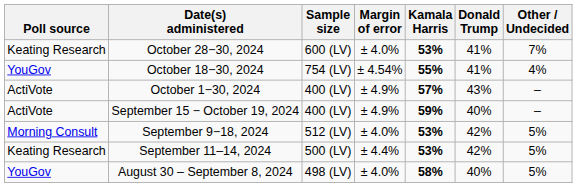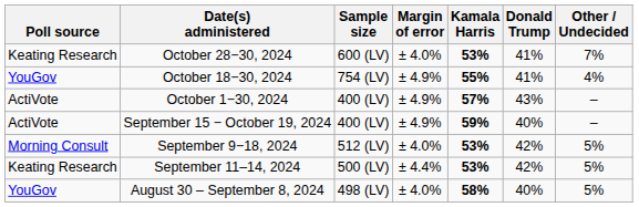 <table class="wikitable sortable mw-datatable" style="font-size:90%;text-align:center;line-height:17px">
 <tr valign=bottom>
 <th>Poll source</th>
 <th>Date(s)<br>administered</th>
 <th>Sample<br>size</th>
 <th>Margin<br>of error</th>
 <th class="unsortable">Kamala<br>Harris<br></th>
 <th class="unsortable">Donald<br>Trump<br></th>
 <th class="unsortable">Other /<br>Undecided</th>
 </tr>
 <tr>
 <td style="text-align:left;">Keating Research</td>
 <td data-sort-value="2024-09-18">October 28−30, 2024</td>
 <td>600 (LV)</td>
 <td>± 4.0%</td>
 <td style="color:black;background-color:"><strong>53%</strong></td>
 <td>41%</td>
 <td>7%</td>
 </tr>
 <tr>
 <td style="text-align:left;"><a href='#'>YouGov</a></td>
 <td data-sort-value="2024-09-18">October 18−30, 2024</td>
 <td>754 (LV)</td>
-<td>± 4.54%</td>
+<td>± 4.9%</td>
 <td style="color:black;background-color:"><strong>55%</strong></td>
 <td>41%</td>
 <td>4%</td>
 </tr>
 <tr>
 <td style="text-align:left;">ActiVote</td>
 <td data-sort-value="2024-09-18">October 1−30, 2024</td>
 <td>400 (LV)</td>
 <td>± 4.9%</td>
 <td style="color:black;background-color:"><strong>57%</strong></td>
 <td>43%</td>
 <td>–</td>
 </tr>
 <tr>
 <td style="text-align:left;">ActiVote</td>
 <td data-sort-value="2024-09-18">September 15 − October 19, 2024</td>
 <td>400 (LV)</td>
 <td>± 4.9%</td>
 <td style="color:black;background-color:"><strong>59%</strong></td>
 <td>40%</td>
 <td>–</td>
 </tr>
 <tr>
 <td style="text-align:left;"><a href='#'>Morning Consult</a></td>
 <td data-sort-value="2024-09-18">September 9−18, 2024</td>
 <td>512 (LV)</td>
 <td>± 4.0%</td>
 <td style="color:black;background-color:"><strong>53%</strong></td>
 <td>42%</td>
 <td>5%</td>
 </tr>
 <tr>
 <td style="text-align:left;">Keating Research</td>
 <td data-sort-value="2024-09-14">September 11–14, 2024</td>
 <td>500 (LV)</td>
 <td>± 4.4%</td>
 <td style="color:black;background-color:"><strong>53%</strong></td>
 <td>42%</td>
 <td>5%</td>
 </tr>
 <tr>
 <td style="text-align:left;"><a href='#'>YouGov</a></td>
 <td data-sort-value="2024-09-08">August 30 – September 8, 2024</td>
 <td>498 (LV)</td>
 <td>± 4.0%</td>
 <td style="color:black;background-color:"><strong>58%</strong></td>
 <td>40%</td>
 <td>5%</td>
 </tr>
 </table>
